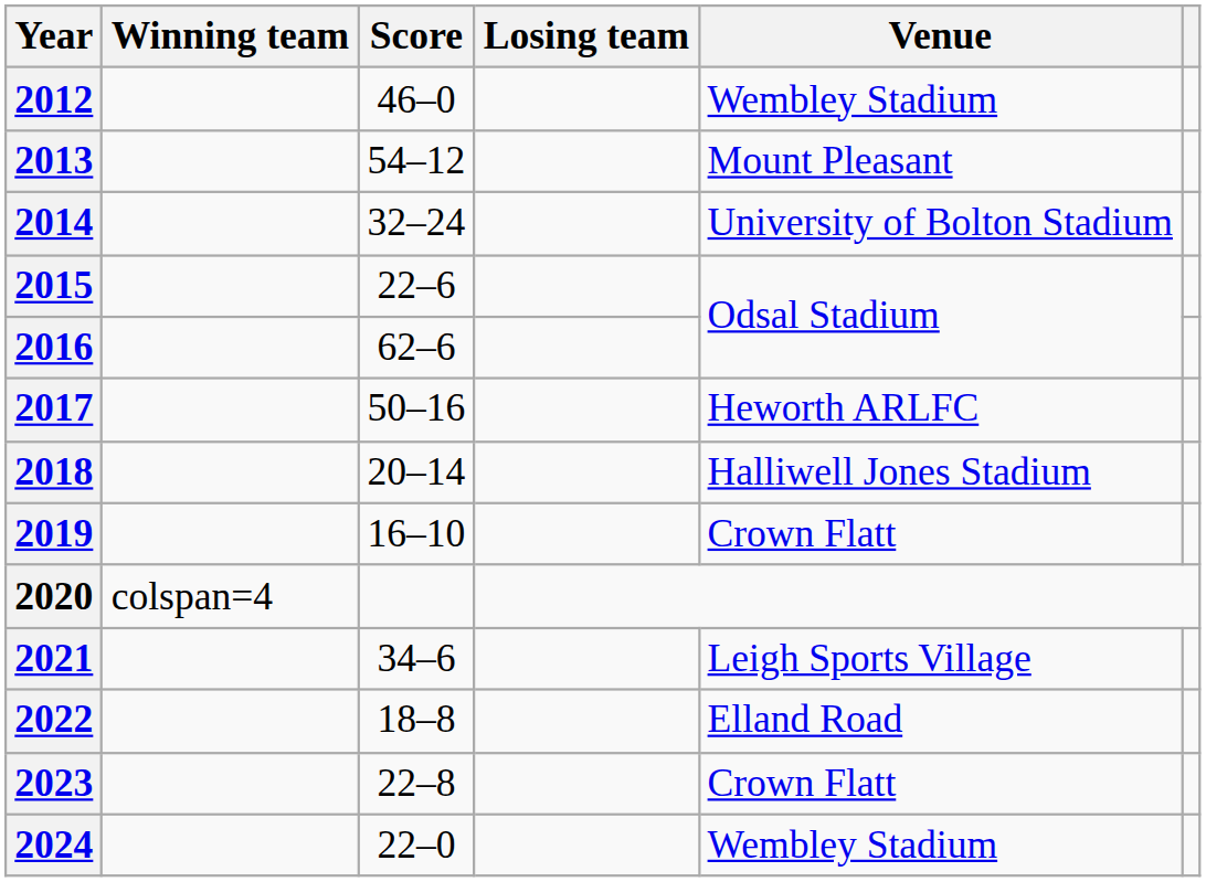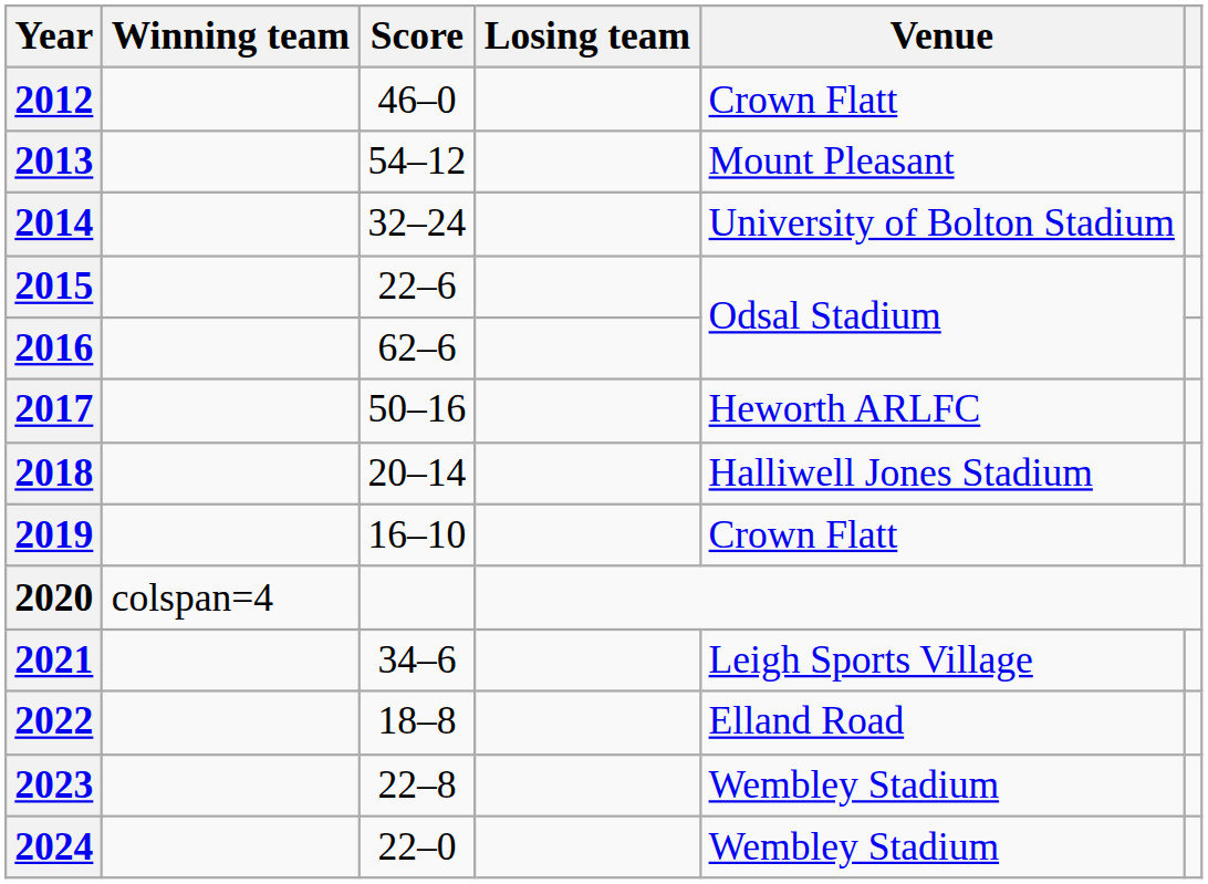 <table class="wikitable" style="text-align:left">
 <tr>
 <th scope="col">Year</th>
 <th scope="col">Winning team</th>
 <th scope="col">Score</th>
 <th scope="col">Losing team</th>
 <th scope="col">Venue</th>
 <th scope="col"></th>
 </tr>
 <tr>
 <th scope="row"><a href='#'>2012</a></th>
 <td></td>
 <td style="text-align:center">46–0</td>
 <td></td>
-<td><a href='#'>Wembley Stadium</a></td>
+<td><a href='#'>Crown Flatt</a></td>
 <td></td>
 </tr>
 <tr>
 <th scope="row"><a href='#'>2013</a></th>
 <td></td>
 <td style="text-align:center">54–12</td>
 <td></td>
 <td><a href='#'>Mount Pleasant</a></td>
 <td></td>
 </tr>
 <tr>
 <th scope="row"><a href='#'>2014</a></th>
 <td></td>
 <td style="text-align:center">32–24</td>
 <td></td>
 <td><a href='#'>University of Bolton Stadium</a></td>
 <td></td>
 </tr>
 <tr>
 <th scope="row"><a href='#'>2015</a></th>
 <td></td>
 <td style="text-align:center">22–6</td>
 <td></td>
 <td rowspan=2><a href='#'>Odsal Stadium</a></td>
 <td></td>
 </tr>
 <tr>
 <th scope="row"><a href='#'>2016</a></th>
 <td></td>
 <td style="text-align:center">62–6</td>
 <td></td>
 <td></td>
 </tr>
 <tr>
 <th scope="row"><a href='#'>2017</a></th>
 <td></td>
 <td style="text-align:center">50–16</td>
 <td></td>
 <td><a href='#'>Heworth ARLFC</a></td>
 <td></td>
 </tr>
 <tr>
 <th scope="row"><a href='#'>2018</a></th>
 <td></td>
 <td style="text-align:center">20–14</td>
 <td></td>
 <td><a href='#'>Halliwell Jones Stadium</a></td>
 <td></td>
 </tr>
 <tr>
 <th scope="row"><a href='#'>2019</a></th>
 <td></td>
 <td style="text-align:center">16–10</td>
 <td></td>
 <td><a href='#'>Crown Flatt</a></td>
 <td></td>
 </tr>
 <tr>
 <th scope="row">2020</th>
 <td>colspan=4 </td>
 <td></td>
 </tr>
 <tr>
 <th scope="row"><a href='#'>2021</a></th>
 <td></td>
 <td style="text-align:center">34–6</td>
 <td></td>
 <td><a href='#'>Leigh Sports Village</a></td>
 <td></td>
 </tr>
 <tr>
 <th scope="row"><a href='#'>2022</a></th>
 <td></td>
 <td style="text-align:center">18–8</td>
 <td></td>
 <td><a href='#'>Elland Road</a></td>
 <td></td>
 </tr>
 <tr>
 <th scope="row"><a href='#'>2023</a></th>
 <td></td>
 <td style="text-align:center">22–8</td>
 <td></td>
-<td><a href='#'>Crown Flatt</a></td>
+<td><a href='#'>Wembley Stadium</a></td>
 <td></td>
 </tr>
 <tr>
 <th scope="row"><a href='#'>2024</a></th>
 <td></td>
 <td style="text-align:center">22–0</td>
 <td></td>
 <td><a href='#'>Wembley Stadium</a></td>
 <td></td>
 </tr>
 </table>
